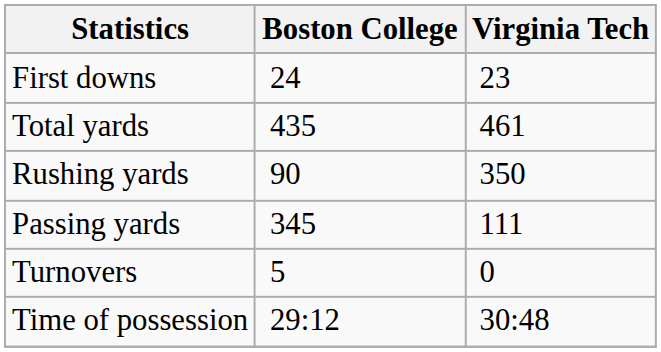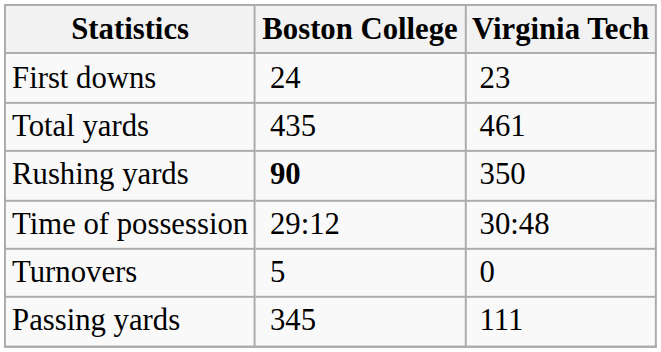 <table class="wikitable">
 <tr>
 <th>Statistics</th>
 <th>Boston College</th>
 <th>Virginia Tech</th>
 </tr>
 <tr>
 <td>First downs</td>
 <td> 24</td>
 <td> 23</td>
 </tr>
 <tr>
 <td>Total yards</td>
 <td> 435</td>
 <td> 461</td>
 </tr>
 <tr>
 <td>Rushing yards</td>
-<td> 90</td>
+<td><strong> 90</strong></td>
 <td> 350</td>
+</tr>
+<tr>
+<td>Time of possession</td>
+<td> 29:12</td>
+<td> 30:48</td>
+</tr>
+<tr>
+<td>Turnovers</td>
+<td> 5</td>
+<td> 0</td>
 </tr>
 <tr>
 <td>Passing yards</td>
 <td> 345</td>
 <td> 111</td>
 </tr>
 <tr>
-<td>Turnovers</td>
-<td> 5</td>
-<td> 0</td>
-</tr>
-<tr>
-<td>Time of possession</td>
-<td> 29:12</td>
-<td> 30:48</td>
-</tr>
-<tr>
 </tr>
 </table>
